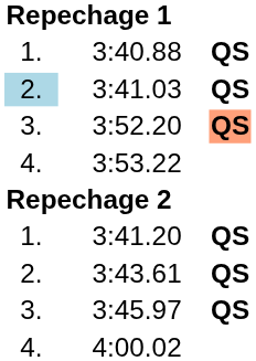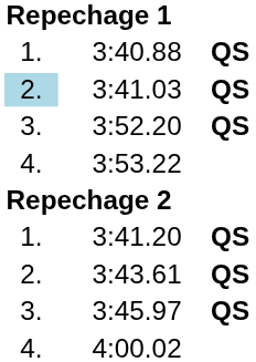 <table style="text-align:center">
 <tr>
 <td colspan=4 align=left><strong>Repechage 1</strong></td>
 </tr>
 <tr>
 <td width=30>1.</td>
 <td align=left></td>
 <td width=80>3:40.88</td>
 <td><strong>QS</strong></td>
 </tr>
 <tr>
 <td style="background: lightblue;">2.</td>
 <td align=left></td>
 <td>3:41.03</td>
 <td><strong>QS</strong></td>
 </tr>
 <tr>
 <td>3.</td>
 <td align=left></td>
 <td>3:52.20</td>
-<td style="background: lightsalmon;"><strong>QS</strong></td>
+<td><strong>QS</strong></td>
 </tr>
 <tr>
 <td>4.</td>
 <td align=left></td>
 <td>3:53.22</td>
 <td></td>
 </tr>
 <tr>
 <td colspan=4 align=left><strong>Repechage 2</strong></td>
 </tr>
 <tr>
 <td>1.</td>
 <td align=left></td>
 <td>3:41.20</td>
 <td><strong>QS</strong></td>
 </tr>
 <tr>
 <td>2.</td>
 <td align=left></td>
 <td>3:43.61</td>
 <td><strong>QS</strong></td>
 </tr>
 <tr>
 <td>3.</td>
 <td align=left></td>
 <td>3:45.97</td>
 <td><strong>QS</strong></td>
 </tr>
 <tr>
 <td>4.</td>
 <td align=left></td>
 <td>4:00.02</td>
 <td></td>
 </tr>
 </table>
